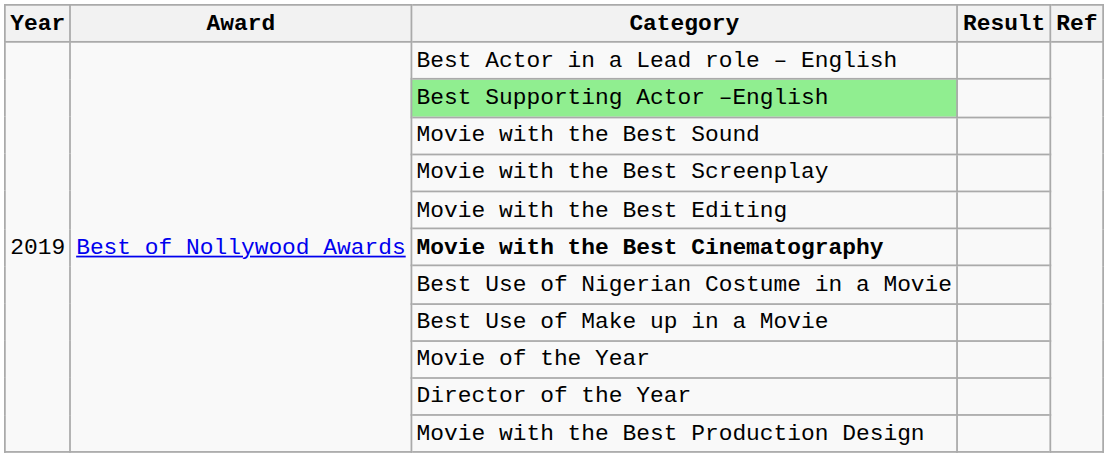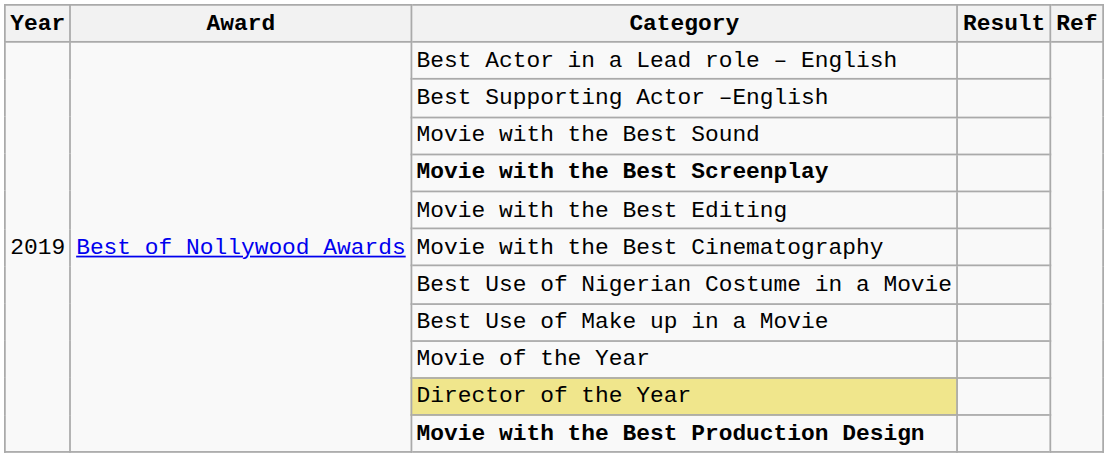 <table class="wikitable">
 <tr>
 <th>Year</th>
 <th>Award</th>
 <th>Category</th>
 <th>Result</th>
 <th>Ref</th>
 </tr>
 <tr>
 <td rowspan="11">2019</td>
 <td rowspan="11"><a href='#'>Best of Nollywood Awards</a></td>
 <td>Best Actor in a Lead role – English</td>
 <td></td>
 <td rowspan="11"></td>
 </tr>
 <tr>
-<td style="background: lightgreen;">Best Supporting Actor –English</td>
+<td>Best Supporting Actor –English</td>
 <td></td>
 </tr>
 <tr>
 <td>Movie with the Best Sound</td>
 <td></td>
 </tr>
 <tr>
-<td>Movie with the Best Screenplay</td>
+<td><strong>Movie with the Best Screenplay</strong></td>
 <td></td>
 </tr>
 <tr>
 <td>Movie with the Best Editing</td>
 <td></td>
 </tr>
 <tr>
-<td><strong>Movie with the Best Cinematography</strong></td>
+<td>Movie with the Best Cinematography</td>
 <td></td>
 </tr>
 <tr>
 <td>Best Use of Nigerian Costume in a Movie</td>
 <td></td>
 </tr>
 <tr>
 <td>Best Use of Make up in a Movie</td>
 <td></td>
 </tr>
 <tr>
 <td>Movie of the Year</td>
 <td></td>
 </tr>
 <tr>
-<td>Director of the Year</td>
+<td style="background: khaki;">Director of the Year</td>
 <td></td>
 </tr>
 <tr>
-<td>Movie with the Best Production Design</td>
+<td><strong>Movie with the Best Production Design</strong></td>
 <td></td>
 </tr>
 </table>
